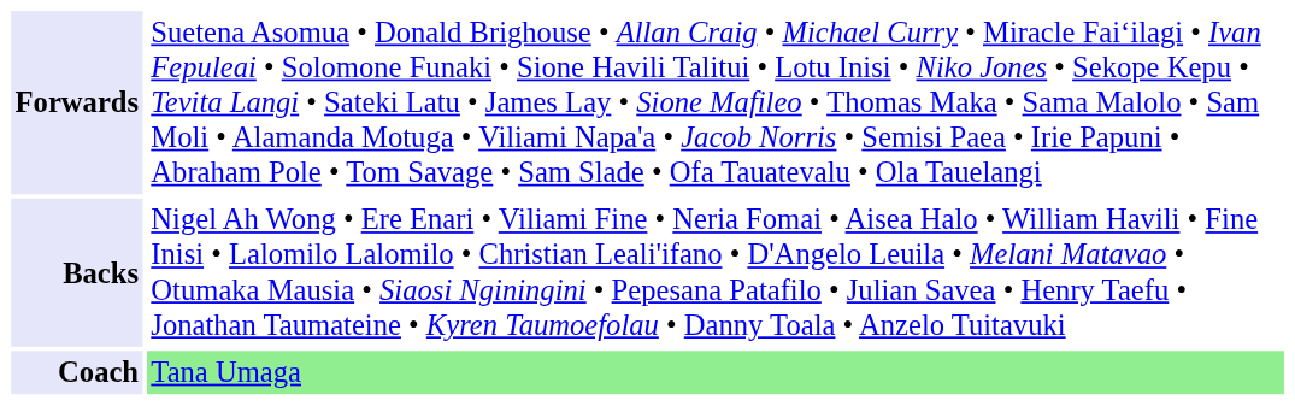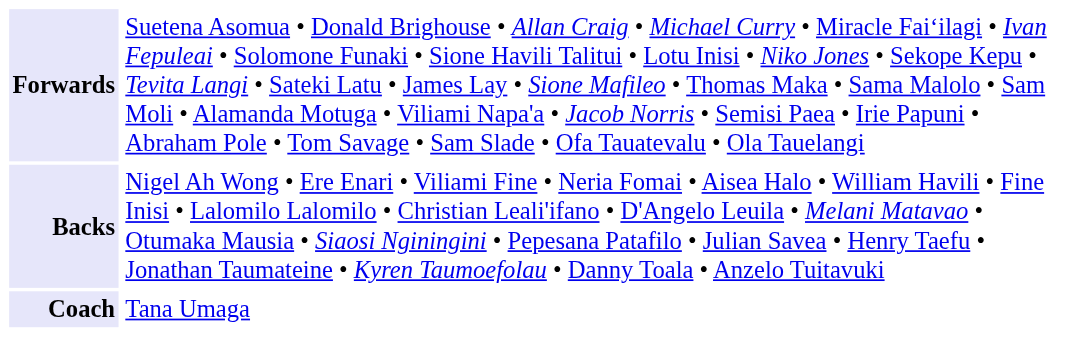 <table cellpadding="2" style="border:1px solid white;font-size:90%">
 <tr>
 <td style="text-align:right" bgcolor="lavender"><strong>Forwards</strong></td>
 <td style="text-align:left"><a href='#'>Suetena Asomua</a> • <a href='#'>Donald Brighouse</a> • <em><a href='#'>Allan Craig</a></em> • <em><a href='#'>Michael Curry</a></em> • <a href='#'>Miracle Faiʻilagi</a> • <em><a href='#'>Ivan Fepuleai</a></em> • <a href='#'>Solomone Funaki</a> • <a href='#'>Sione Havili Talitui</a> • <a href='#'>Lotu Inisi</a> • <em><a href='#'>Niko Jones</a></em> • <a href='#'>Sekope Kepu</a> • <em><a href='#'>Tevita Langi</a></em> • <a href='#'>Sateki Latu</a> • <a href='#'>James Lay</a> • <em><a href='#'>Sione Mafileo</a></em> • <a href='#'>Thomas Maka</a> • <a href='#'>Sama Malolo</a> • <a href='#'>Sam Moli</a> • <a href='#'>Alamanda Motuga</a> • <a href='#'>Viliami Napa'a</a> • <em><a href='#'>Jacob Norris</a></em> • <a href='#'>Semisi Paea</a> • <a href='#'>Irie Papuni</a> • <a href='#'>Abraham Pole</a> • <a href='#'>Tom Savage</a> • <a href='#'>Sam Slade</a> • <a href='#'>Ofa Tauatevalu</a> • <a href='#'>Ola Tauelangi</a></td>
 </tr>
 <tr>
 <td style="text-align:right" bgcolor="lavender"><strong>Backs</strong></td>
 <td style="text-align:left"><a href='#'>Nigel Ah Wong</a> • <a href='#'>Ere Enari</a> • <a href='#'>Viliami Fine</a> • <a href='#'>Neria Fomai</a> • <a href='#'>Aisea Halo</a> • <a href='#'>William Havili</a> • <a href='#'>Fine Inisi</a> • <a href='#'>Lalomilo Lalomilo</a> • <a href='#'>Christian Leali'ifano</a> • <a href='#'>D'Angelo Leuila</a> • <em><a href='#'>Melani Matavao</a></em> • <a href='#'>Otumaka Mausia</a> • <em><a href='#'>Siaosi Nginingini</a></em> • <a href='#'>Pepesana Patafilo</a> • <a href='#'>Julian Savea</a> • <a href='#'>Henry Taefu</a> • <a href='#'>Jonathan Taumateine</a> • <em><a href='#'>Kyren Taumoefolau</a></em> • <a href='#'>Danny Toala</a> • <a href='#'>Anzelo Tuitavuki</a></td>
 </tr>
 <tr>
 <td style="text-align:right" bgcolor="lavender"><strong>Coach</strong></td>
-<td style="background: lightgreen; text-align:left"><a href='#'>Tana Umaga</a></td>
+<td style="text-align:left"><a href='#'>Tana Umaga</a></td>
 </tr>
 </table>
